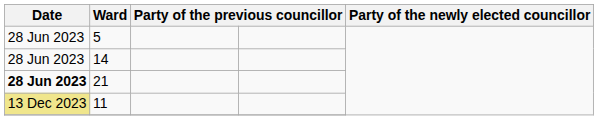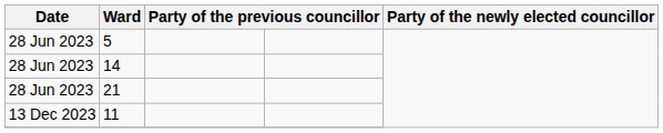 <table class="wikitable">
 <tr>
 <th>Date</th>
 <th>Ward</th>
 <th colspan=2>Party of the previous councillor</th>
 <th colspan=2>Party of the newly elected councillor</th>
 </tr>
 <tr>
 <td>28 Jun 2023</td>
 <td>5</td>
 <td></td>
 <td></td>
 </tr>
 <tr>
 <td>28 Jun 2023</td>
 <td>14</td>
 <td></td>
 <td></td>
 </tr>
 <tr>
-<td><strong>28 Jun 2023</strong></td>
+<td>28 Jun 2023</td>
 <td>21</td>
 <td></td>
 <td></td>
 </tr>
 <tr>
-<td style="background: khaki;">13 Dec 2023</td>
+<td>13 Dec 2023</td>
 <td>11</td>
 <td></td>
 <td></td>
 </tr>
 <tr>
 </tr>
 </table>
